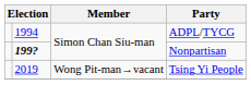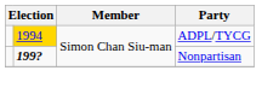 <table class="wikitable">
 <tr>
 <th colspan="2">Election</th>
 <th>Member</th>
 <th>Party</th>
 </tr>
 <tr>
 <td style="color:inherit;background:"></td>
-<td><a href='#'>1994</a></td>
+<td style="background: gold;"><a href='#'>1994</a></td>
 <td rowspan=2>Simon Chan Siu-man</td>
 <td><a href='#'>ADPL</a>/<a href='#'>TYCG</a></td>
 </tr>
 <tr>
 <td style="color:inherit;background:"></td>
 <td><strong><em>199?</em></strong></td>
 <td><a href='#'>Nonpartisan</a></td>
 </tr>
 <tr>
-<td style="color:inherit;background:"></td>
-<td><a href='#'>2019</a></td>
-<td>Wong Pit-man→vacant</td>
-<td><a href='#'>Tsing Yi People</a></td>
-</tr>
-<tr>
 </tr>
 </table>
